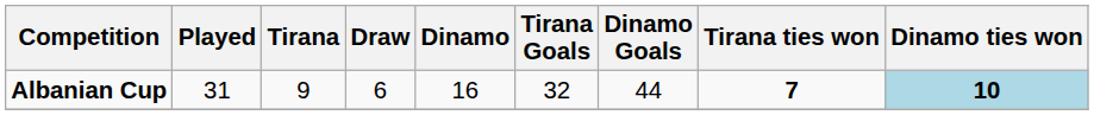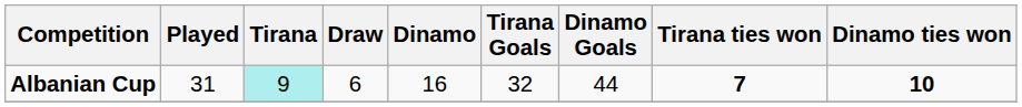 <table class=wikitable style="text-align:center">
 <tr>
 <th>Competition</th>
 <th>Played</th>
 <th>Tirana</th>
 <th>Draw</th>
 <th>Dinamo</th>
 <th>Tirana <br> Goals</th>
 <th>Dinamo <br> Goals</th>
 <th>Tirana ties won</th>
 <th>Dinamo ties won</th>
 </tr>
 <tr>
 <td><strong>Albanian Cup</strong></td>
 <td>31</td>
-<td>9</td>
+<td style="background: paleturquoise;">9</td>
 <td>6</td>
 <td>16</td>
 <td>32</td>
 <td>44</td>
 <td><strong>7</strong></td>
-<td style="background: lightblue;"><strong>10</strong></td>
+<td><strong>10</strong></td>
 </tr>
 <tr>
 </tr>
 </table>
